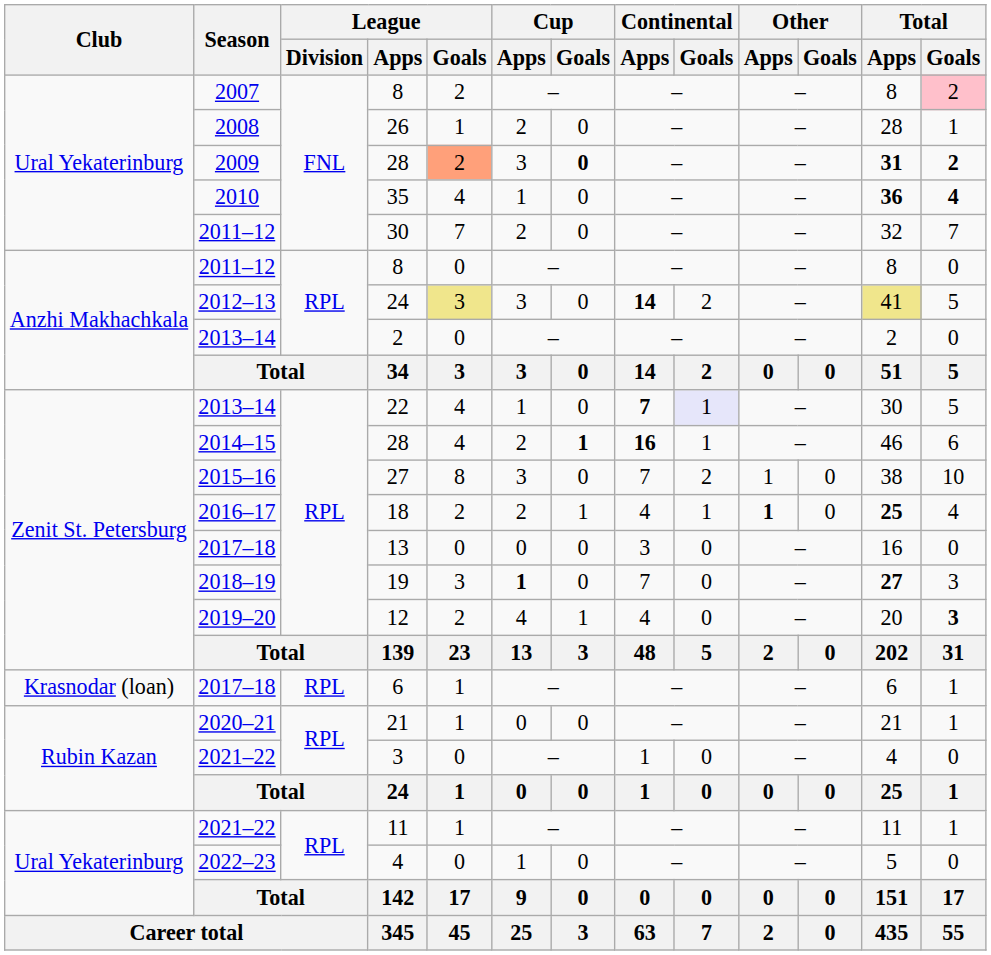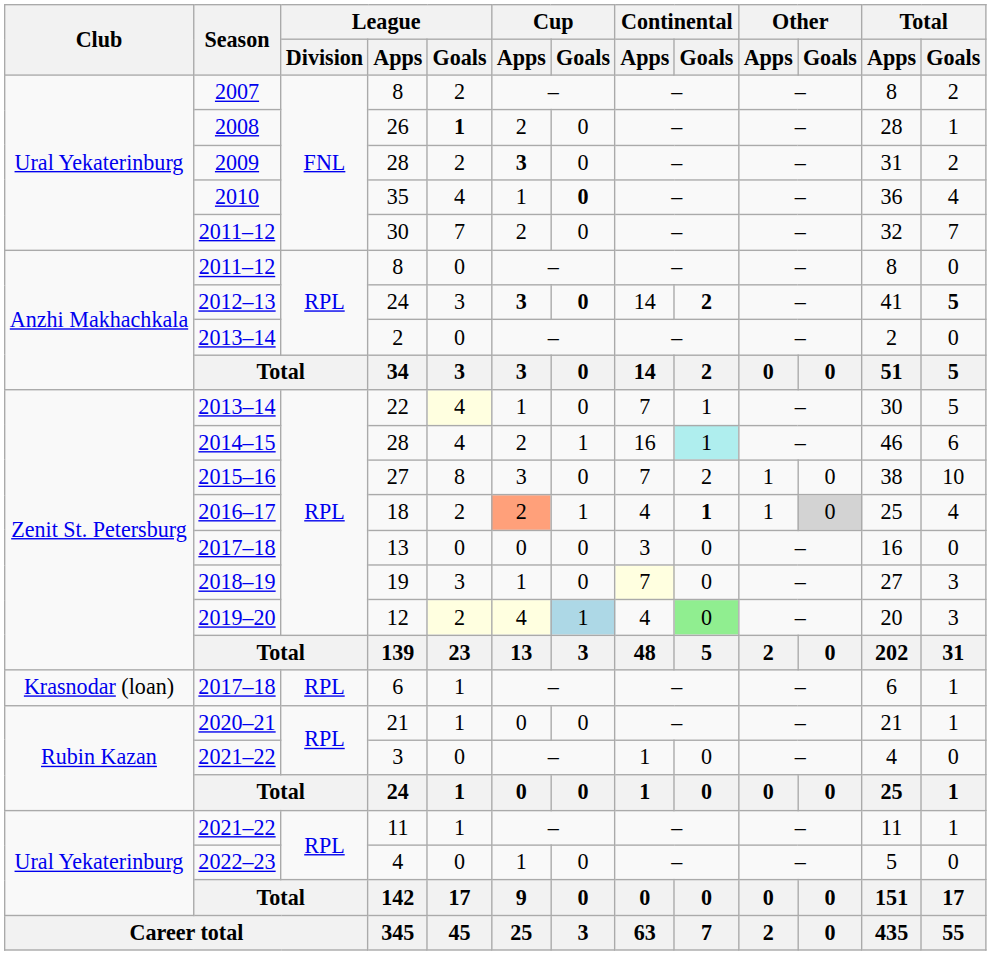 <table class="wikitable" style="text-align: center;">
 <tr>
 <th rowspan=2>Club</th>
 <th rowspan=2>Season</th>
 <th colspan=3>League</th>
 <th colspan=2>Cup</th>
 <th colspan=2>Continental</th>
 <th colspan=2>Other</th>
 <th colspan=2>Total</th>
 </tr>
 <tr>
 <th>Division</th>
 <th>Apps</th>
 <th>Goals</th>
 <th>Apps</th>
 <th>Goals</th>
 <th>Apps</th>
 <th>Goals</th>
 <th>Apps</th>
 <th>Goals</th>
 <th>Apps</th>
 <th>Goals</th>
 </tr>
 <tr>
 <td rowspan="5"><a href='#'>Ural Yekaterinburg</a></td>
 <td><a href='#'>2007</a></td>
 <td rowspan="5"><a href='#'>FNL</a></td>
 <td>8</td>
 <td>2</td>
 <td colspan=2>–</td>
 <td colspan=2>–</td>
 <td colspan=2>–</td>
 <td>8</td>
-<td style="background: pink;">2</td>
+<td>2</td>
 </tr>
 <tr>
 <td><a href='#'>2008</a></td>
 <td>26</td>
-<td>1</td>
+<td><strong>1</strong></td>
 <td>2</td>
 <td>0</td>
 <td colspan=2>–</td>
 <td colspan=2>–</td>
 <td>28</td>
 <td>1</td>
 </tr>
 <tr>
 <td><a href='#'>2009</a></td>
 <td>28</td>
-<td style="background: lightsalmon;">2</td>
-<td>3</td>
-<td><strong>0</strong></td>
+<td>2</td>
+<td><strong>3</strong></td>
+<td>0</td>
 <td colspan=2>–</td>
 <td colspan=2>–</td>
-<td><strong>31</strong></td>
-<td><strong>2</strong></td>
+<td>31</td>
+<td>2</td>
 </tr>
 <tr>
 <td><a href='#'>2010</a></td>
 <td>35</td>
 <td>4</td>
 <td>1</td>
-<td>0</td>
+<td><strong>0</strong></td>
 <td colspan=2>–</td>
 <td colspan=2>–</td>
-<td><strong>36</strong></td>
-<td><strong>4</strong></td>
+<td>36</td>
+<td>4</td>
 </tr>
 <tr>
 <td><a href='#'>2011–12</a></td>
 <td>30</td>
 <td>7</td>
 <td>2</td>
 <td>0</td>
 <td colspan=2>–</td>
 <td colspan=2>–</td>
 <td>32</td>
 <td>7</td>
 </tr>
 <tr>
 <td rowspan="4"><a href='#'>Anzhi Makhachkala</a></td>
 <td><a href='#'>2011–12</a></td>
 <td rowspan="3"><a href='#'>RPL</a></td>
 <td>8</td>
 <td>0</td>
 <td colspan=2>–</td>
 <td colspan=2>–</td>
 <td colspan=2>–</td>
 <td>8</td>
 <td>0</td>
 </tr>
 <tr>
 <td><a href='#'>2012–13</a></td>
 <td>24</td>
-<td style="background: khaki;">3</td>
 <td>3</td>
-<td>0</td>
-<td><strong>14</strong></td>
-<td>2</td>
+<td><strong>3</strong></td>
+<td><strong>0</strong></td>
+<td>14</td>
+<td><strong>2</strong></td>
 <td colspan=2>–</td>
-<td style="background: khaki;">41</td>
-<td>5</td>
+<td>41</td>
+<td><strong>5</strong></td>
 </tr>
 <tr>
 <td><a href='#'>2013–14</a></td>
 <td>2</td>
 <td>0</td>
 <td colspan=2>–</td>
 <td colspan=2>–</td>
 <td colspan=2>–</td>
 <td>2</td>
 <td>0</td>
 </tr>
 <tr>
 <th colspan=2>Total</th>
 <th>34</th>
 <th>3</th>
 <th>3</th>
 <th>0</th>
 <th>14</th>
 <th>2</th>
 <th>0</th>
 <th>0</th>
 <th>51</th>
 <th>5</th>
 </tr>
 <tr>
 <td rowspan="8"><a href='#'>Zenit St. Petersburg</a></td>
 <td><a href='#'>2013–14</a></td>
 <td rowspan="7"><a href='#'>RPL</a></td>
 <td>22</td>
-<td>4</td>
+<td style="background: lightyellow;">4</td>
 <td>1</td>
 <td>0</td>
-<td><strong>7</strong></td>
-<td style="background: lavender;">1</td>
+<td>7</td>
+<td>1</td>
 <td colspan=2>–</td>
 <td>30</td>
 <td>5</td>
 </tr>
 <tr>
 <td><a href='#'>2014–15</a></td>
 <td>28</td>
 <td>4</td>
 <td>2</td>
-<td><strong>1</strong></td>
-<td><strong>16</strong></td>
 <td>1</td>
+<td>16</td>
+<td style="background: paleturquoise;">1</td>
 <td colspan=2>–</td>
 <td>46</td>
 <td>6</td>
 </tr>
 <tr>
 <td><a href='#'>2015–16</a></td>
 <td>27</td>
 <td>8</td>
 <td>3</td>
 <td>0</td>
 <td>7</td>
 <td>2</td>
 <td>1</td>
 <td>0</td>
 <td>38</td>
 <td>10</td>
 </tr>
 <tr>
 <td><a href='#'>2016–17</a></td>
 <td>18</td>
 <td>2</td>
-<td>2</td>
+<td style="background: lightsalmon;">2</td>
 <td>1</td>
 <td>4</td>
+<td><strong>1</strong></td>
 <td>1</td>
-<td><strong>1</strong></td>
-<td>0</td>
-<td><strong>25</strong></td>
+<td style="background: lightgrey;">0</td>
+<td>25</td>
 <td>4</td>
 </tr>
 <tr>
 <td><a href='#'>2017–18</a></td>
 <td>13</td>
 <td>0</td>
 <td>0</td>
 <td>0</td>
 <td>3</td>
 <td>0</td>
 <td colspan=2>–</td>
 <td>16</td>
 <td>0</td>
 </tr>
 <tr>
 <td><a href='#'>2018–19</a></td>
 <td>19</td>
 <td>3</td>
-<td><strong>1</strong></td>
+<td>1</td>
 <td>0</td>
-<td>7</td>
+<td style="background: lightyellow;">7</td>
 <td>0</td>
 <td colspan=2>–</td>
-<td><strong>27</strong></td>
+<td>27</td>
 <td>3</td>
 </tr>
 <tr>
 <td><a href='#'>2019–20</a></td>
 <td>12</td>
-<td>2</td>
+<td style="background: lightyellow;">2</td>
+<td style="background: lightyellow;">4</td>
+<td style="background: lightblue;">1</td>
 <td>4</td>
-<td>1</td>
-<td>4</td>
-<td>0</td>
+<td style="background: lightgreen;">0</td>
 <td colspan=2>–</td>
 <td>20</td>
-<td><strong>3</strong></td>
+<td>3</td>
 </tr>
 <tr>
 <th colspan=2>Total</th>
 <th>139</th>
 <th>23</th>
 <th>13</th>
 <th>3</th>
 <th>48</th>
 <th>5</th>
 <th>2</th>
 <th>0</th>
 <th>202</th>
 <th>31</th>
 </tr>
 <tr>
 <td><a href='#'>Krasnodar</a> (loan)</td>
 <td><a href='#'>2017–18</a></td>
 <td><a href='#'>RPL</a></td>
 <td>6</td>
 <td>1</td>
 <td colspan=2>–</td>
 <td colspan=2>–</td>
 <td colspan=2>–</td>
 <td>6</td>
 <td>1</td>
 </tr>
 <tr>
 <td rowspan="3"><a href='#'>Rubin Kazan</a></td>
 <td><a href='#'>2020–21</a></td>
 <td rowspan="2"><a href='#'>RPL</a></td>
 <td>21</td>
 <td>1</td>
 <td>0</td>
 <td>0</td>
 <td colspan=2>–</td>
 <td colspan=2>–</td>
 <td>21</td>
 <td>1</td>
 </tr>
 <tr>
 <td><a href='#'>2021–22</a></td>
 <td>3</td>
 <td>0</td>
 <td colspan=2>–</td>
 <td>1</td>
 <td>0</td>
 <td colspan=2>–</td>
 <td>4</td>
 <td>0</td>
 </tr>
 <tr>
 <th colspan=2>Total</th>
 <th>24</th>
 <th>1</th>
 <th>0</th>
 <th>0</th>
 <th>1</th>
 <th>0</th>
 <th>0</th>
 <th>0</th>
 <th>25</th>
 <th>1</th>
 </tr>
 <tr>
 <td rowspan="3"><a href='#'>Ural Yekaterinburg</a></td>
 <td><a href='#'>2021–22</a></td>
 <td rowspan="2"><a href='#'>RPL</a></td>
 <td>11</td>
 <td>1</td>
 <td colspan=2>–</td>
 <td colspan=2>–</td>
 <td colspan=2>–</td>
 <td>11</td>
 <td>1</td>
 </tr>
 <tr>
 <td><a href='#'>2022–23</a></td>
 <td>4</td>
 <td>0</td>
 <td>1</td>
 <td>0</td>
 <td colspan=2>–</td>
 <td colspan=2>–</td>
 <td>5</td>
 <td>0</td>
 </tr>
 <tr>
 <th colspan=2>Total</th>
 <th>142</th>
 <th>17</th>
 <th>9</th>
 <th>0</th>
 <th>0</th>
 <th>0</th>
 <th>0</th>
 <th>0</th>
 <th>151</th>
 <th>17</th>
 </tr>
 <tr>
 <th colspan=3>Career total</th>
 <th>345</th>
 <th>45</th>
 <th>25</th>
 <th>3</th>
 <th>63</th>
 <th>7</th>
 <th>2</th>
 <th>0</th>
 <th>435</th>
 <th>55</th>
 </tr>
 </table>
